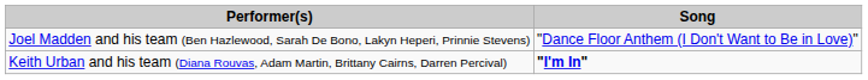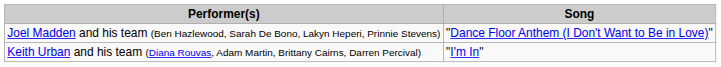 <table border="5" cellpadding="3" cellspacing="0" style="margin: 1em 1em 1em 0; background: #f9f9f9; border: 1px #aaa solid; border-collapse: collapse; font-size: 90%;">
 <tr style="background:#ccc;">
 <th>Performer(s)</th>
 <th>Song</th>
 </tr>
 <tr>
 <td><a href='#'>Joel Madden</a> and his team <small>(Ben Hazlewood, Sarah De Bono, Lakyn Heperi, Prinnie Stevens)</small></td>
 <td>"<a href='#'>Dance Floor Anthem (I Don't Want to Be in Love)</a>"</td>
 </tr>
 <tr>
 <td><a href='#'>Keith Urban</a> and his team <small>(<a href='#'>Diana Rouvas</a>, Adam Martin, Brittany Cairns, Darren Percival)</small></td>
-<td><strong>"<a href='#'>I'm In</a>"</strong></td>
+<td>"<a href='#'>I'm In</a>"</td>
 </tr>
 </table>
